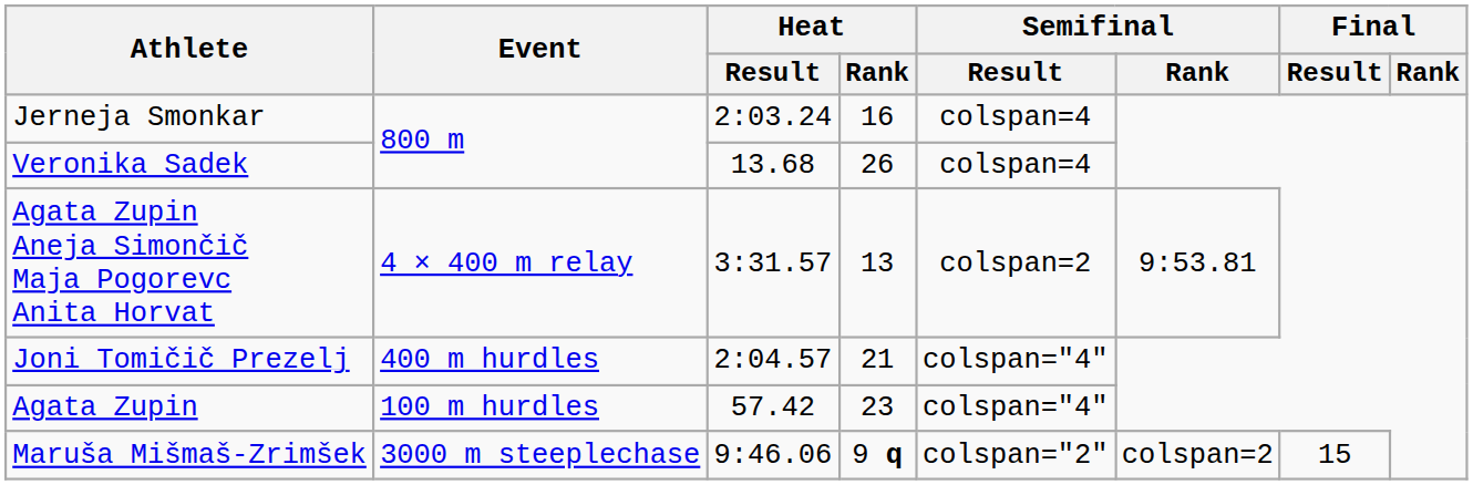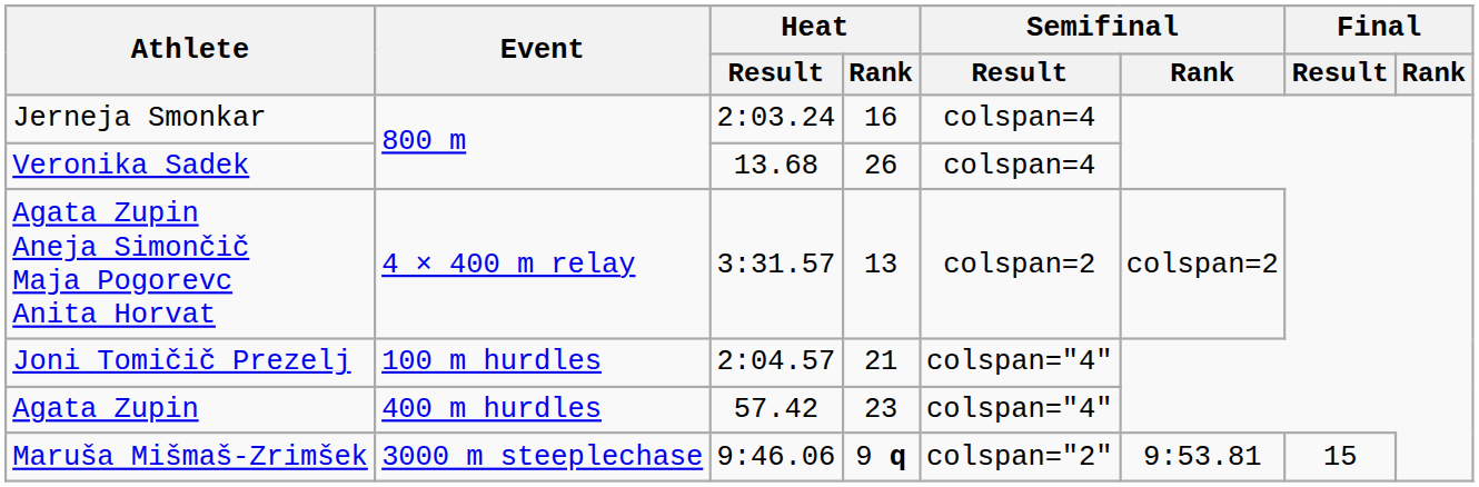 <table class="wikitable" style="font-size:90%">
 <tr>
 <th rowspan="2">Athlete</th>
 <th rowspan="2">Event</th>
 <th colspan="2">Heat</th>
 <th colspan="2">Semifinal</th>
 <th colspan="2">Final</th>
 </tr>
 <tr style="font-size:95%">
 <th>Result</th>
 <th>Rank</th>
 <th>Result</th>
 <th>Rank</th>
 <th>Result</th>
 <th>Rank</th>
 </tr>
 <tr align=center>
 <td align=left>Jerneja Smonkar</td>
 <td align=left rowspan=2><a href='#'>800 m</a></td>
 <td>2:03.24</td>
 <td>16</td>
 <td>colspan=4 </td>
 </tr>
 <tr align=center>
 <td align=left><a href='#'>Veronika Sadek</a></td>
 <td>13.68</td>
 <td>26</td>
 <td>colspan=4 </td>
 </tr>
 <tr align=center>
 <td align=left><a href='#'>Agata Zupin</a><br> <a href='#'>Aneja Simončič</a><br> <a href='#'>Maja Pogorevc</a><br><a href='#'>Anita Horvat</a></td>
 <td align=left><a href='#'>4 × 400 m relay</a></td>
 <td>3:31.57</td>
 <td>13</td>
 <td>colspan=2 </td>
-<td>9:53.81</td>
+<td>colspan=2 </td>
 </tr>
 <tr align=center>
 <td align=left><a href='#'>Joni Tomičič Prezelj</a></td>
-<td align=left><a href='#'>400 m hurdles</a></td>
+<td align=left><a href='#'>100 m hurdles</a></td>
 <td>2:04.57</td>
 <td>21</td>
 <td>colspan="4" </td>
 </tr>
 <tr align=center>
 <td align=left><a href='#'>Agata Zupin</a></td>
-<td align=left><a href='#'>100 m hurdles</a></td>
+<td align=left><a href='#'>400 m hurdles</a></td>
 <td>57.42</td>
 <td>23</td>
 <td>colspan="4" </td>
 </tr>
 <tr align=center>
 <td align=left><a href='#'>Maruša Mišmaš-Zrimšek</a></td>
 <td align=left><a href='#'>3000 m steeplechase</a></td>
 <td>9:46.06</td>
 <td>9 <strong>q</strong></td>
 <td>colspan="2" </td>
-<td>colspan=2 </td>
+<td>9:53.81</td>
 <td>15</td>
 </tr>
 </table>
